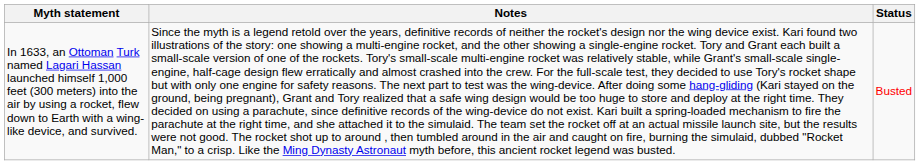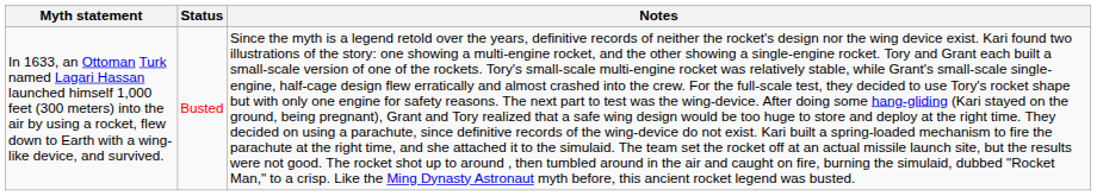 <table class="wikitable plainrowheaders">
 <tr>
 <th>Myth statement</th>
+<th>Status</th>
 <th>Notes</th>
-<th>Status</th>
 </tr>
 <tr>
 <td>In 1633, an <a href='#'>Ottoman</a> <a href='#'>Turk</a> named <a href='#'>Lagari Hassan</a> launched himself 1,000 feet (300 meters) into the air by using a rocket, flew down to Earth with a wing-like device, and survived.</td>
+<td style="color:red">Busted</td>
 <td>Since the myth is a legend retold over the years, definitive records of neither the rocket's design nor the wing device exist. Kari found two illustrations of the story: one showing a multi-engine rocket, and the other showing a single-engine rocket. Tory and Grant each built a small-scale version of one of the rockets. Tory's small-scale multi-engine rocket was relatively stable, while Grant's small-scale single-engine, half-cage design flew erratically and almost crashed into the crew. For the full-scale test, they decided to use Tory's rocket shape but with only one engine for safety reasons. The next part to test was the wing-device. After doing some <a href='#'>hang-gliding</a> (Kari stayed on the ground, being pregnant), Grant and Tory realized that a safe wing design would be too huge to store and deploy at the right time. They decided on using a parachute, since definitive records of the wing-device do not exist. Kari built a spring-loaded mechanism to fire the parachute at the right time, and she attached it to the simulaid. The team set the rocket off at an actual missile launch site, but the results were not good. The rocket shot up to around , then tumbled around in the air and caught on fire, burning the simulaid, dubbed "Rocket Man," to a crisp. Like the <a href='#'>Ming Dynasty Astronaut</a> myth before, this ancient rocket legend was busted.</td>
-<td style="color:red">Busted</td>
 </tr>
 </table>
